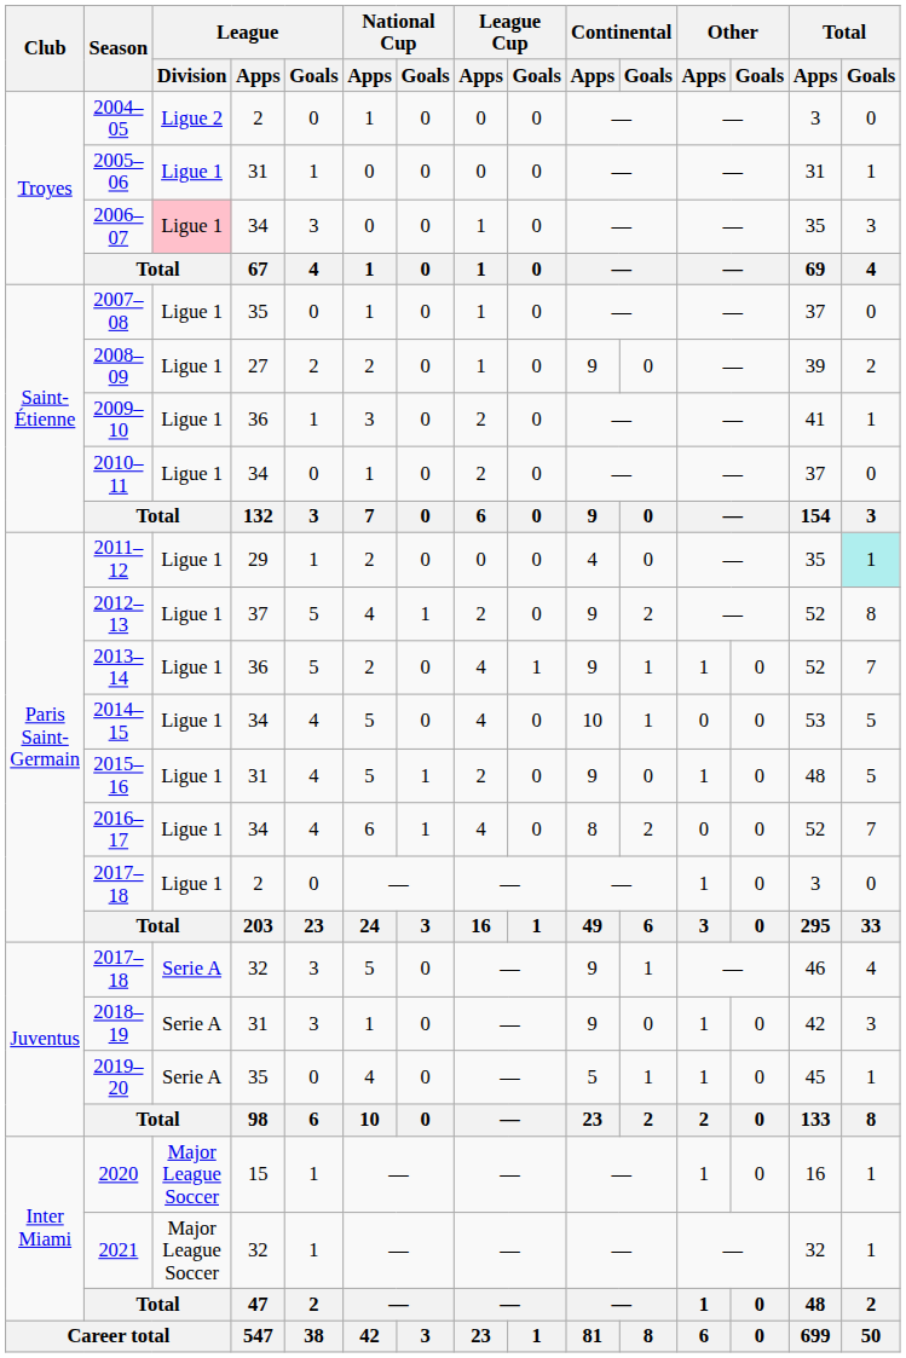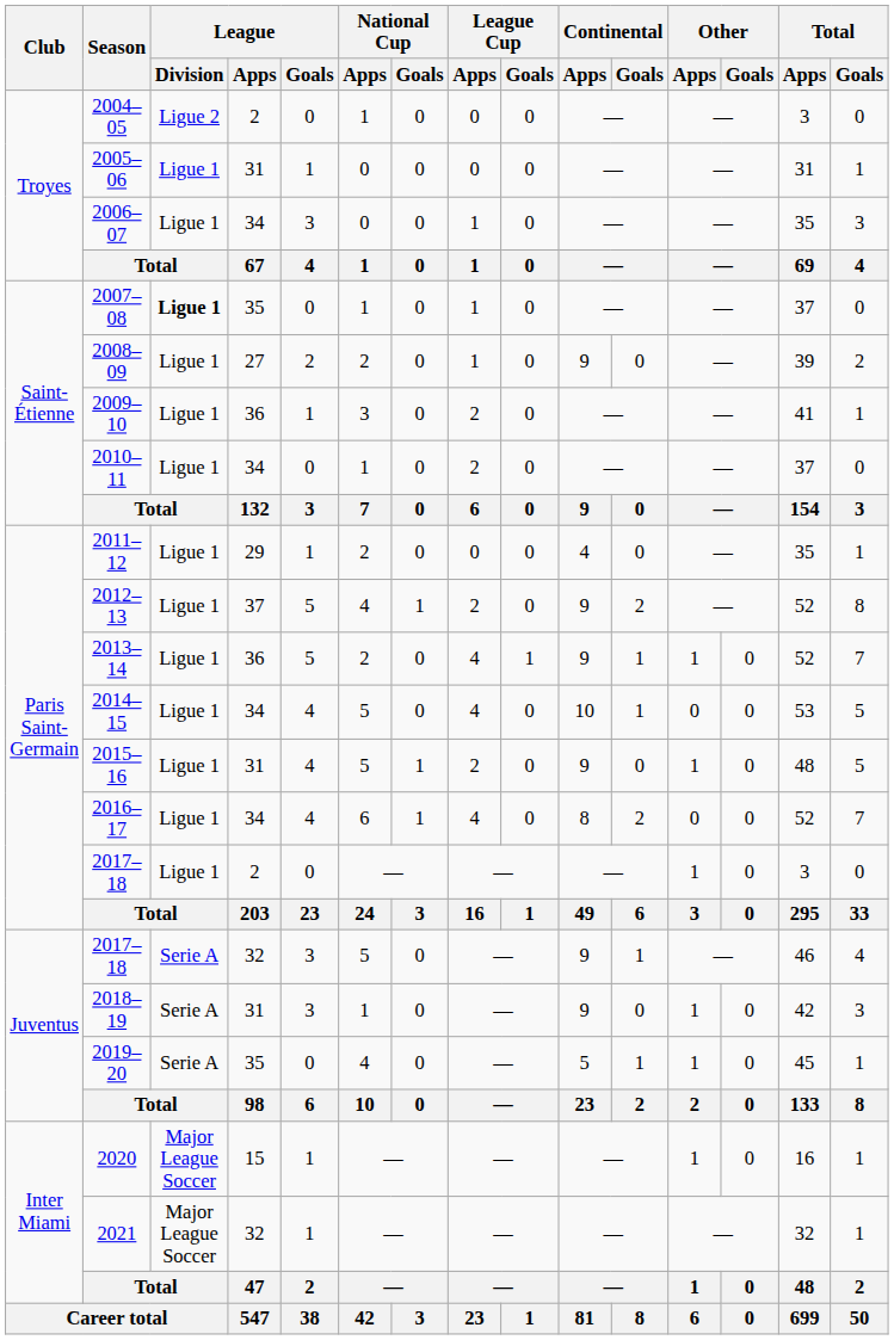 <table class="wikitable" style="text-align: center">
 <tr>
 <th rowspan="2">Club</th>
 <th rowspan="2">Season</th>
 <th colspan="3">League</th>
 <th colspan="2">National Cup</th>
 <th colspan="2">League Cup</th>
 <th colspan="2">Continental</th>
 <th colspan="2">Other</th>
 <th colspan="2">Total</th>
 </tr>
 <tr>
 <th>Division</th>
 <th>Apps</th>
 <th>Goals</th>
 <th>Apps</th>
 <th>Goals</th>
 <th>Apps</th>
 <th>Goals</th>
 <th>Apps</th>
 <th>Goals</th>
 <th>Apps</th>
 <th>Goals</th>
 <th>Apps</th>
 <th>Goals</th>
 </tr>
 <tr>
 <td rowspan="4"><a href='#'>Troyes</a></td>
 <td><a href='#'>2004–05</a></td>
 <td><a href='#'>Ligue 2</a></td>
 <td>2</td>
 <td>0</td>
 <td>1</td>
 <td>0</td>
 <td>0</td>
 <td>0</td>
 <td colspan="2">—</td>
 <td colspan="2">—</td>
 <td>3</td>
 <td>0</td>
 </tr>
 <tr>
 <td><a href='#'>2005–06</a></td>
 <td><a href='#'>Ligue 1</a></td>
 <td>31</td>
 <td>1</td>
 <td>0</td>
 <td>0</td>
 <td>0</td>
 <td>0</td>
 <td colspan="2">—</td>
 <td colspan="2">—</td>
 <td>31</td>
 <td>1</td>
 </tr>
 <tr>
 <td><a href='#'>2006–07</a></td>
-<td style="background: pink;">Ligue 1</td>
+<td>Ligue 1</td>
 <td>34</td>
 <td>3</td>
 <td>0</td>
 <td>0</td>
 <td>1</td>
 <td>0</td>
 <td colspan="2">—</td>
 <td colspan="2">—</td>
 <td>35</td>
 <td>3</td>
 </tr>
 <tr>
 <th colspan="2">Total</th>
 <th>67</th>
 <th>4</th>
 <th>1</th>
 <th>0</th>
 <th>1</th>
 <th>0</th>
 <th colspan="2">—</th>
 <th colspan="2">—</th>
 <th>69</th>
 <th>4</th>
 </tr>
 <tr>
 <td rowspan="5"><a href='#'>Saint-Étienne</a></td>
 <td><a href='#'>2007–08</a></td>
-<td>Ligue 1</td>
+<td><strong>Ligue 1</strong></td>
 <td>35</td>
 <td>0</td>
 <td>1</td>
 <td>0</td>
 <td>1</td>
 <td>0</td>
 <td colspan="2">—</td>
 <td colspan="2">—</td>
 <td>37</td>
 <td>0</td>
 </tr>
 <tr>
 <td><a href='#'>2008–09</a></td>
 <td>Ligue 1</td>
 <td>27</td>
 <td>2</td>
 <td>2</td>
 <td>0</td>
 <td>1</td>
 <td>0</td>
 <td>9</td>
 <td>0</td>
 <td colspan="2">—</td>
 <td>39</td>
 <td>2</td>
 </tr>
 <tr>
 <td><a href='#'>2009–10</a></td>
 <td>Ligue 1</td>
 <td>36</td>
 <td>1</td>
 <td>3</td>
 <td>0</td>
 <td>2</td>
 <td>0</td>
 <td colspan="2">—</td>
 <td colspan="2">—</td>
 <td>41</td>
 <td>1</td>
 </tr>
 <tr>
 <td><a href='#'>2010–11</a></td>
 <td>Ligue 1</td>
 <td>34</td>
 <td>0</td>
 <td>1</td>
 <td>0</td>
 <td>2</td>
 <td>0</td>
 <td colspan="2">—</td>
 <td colspan="2">—</td>
 <td>37</td>
 <td>0</td>
 </tr>
 <tr>
 <th colspan="2">Total</th>
 <th>132</th>
 <th>3</th>
 <th>7</th>
 <th>0</th>
 <th>6</th>
 <th>0</th>
 <th>9</th>
 <th>0</th>
 <th colspan="2">—</th>
 <th>154</th>
 <th>3</th>
 </tr>
 <tr>
 <td rowspan="8"><a href='#'>Paris Saint-Germain</a></td>
 <td><a href='#'>2011–12</a></td>
 <td>Ligue 1</td>
 <td>29</td>
 <td>1</td>
 <td>2</td>
 <td>0</td>
 <td>0</td>
 <td>0</td>
 <td>4</td>
 <td>0</td>
 <td colspan="2">—</td>
 <td>35</td>
-<td style="background: paleturquoise;">1</td>
+<td>1</td>
 </tr>
 <tr>
 <td><a href='#'>2012–13</a></td>
 <td>Ligue 1</td>
 <td>37</td>
 <td>5</td>
 <td>4</td>
 <td>1</td>
 <td>2</td>
 <td>0</td>
 <td>9</td>
 <td>2</td>
 <td colspan="2">—</td>
 <td>52</td>
 <td>8</td>
 </tr>
 <tr>
 <td><a href='#'>2013–14</a></td>
 <td>Ligue 1</td>
 <td>36</td>
 <td>5</td>
 <td>2</td>
 <td>0</td>
 <td>4</td>
 <td>1</td>
 <td>9</td>
 <td>1</td>
 <td>1</td>
 <td>0</td>
 <td>52</td>
 <td>7</td>
 </tr>
 <tr>
 <td><a href='#'>2014–15</a></td>
 <td>Ligue 1</td>
 <td>34</td>
 <td>4</td>
 <td>5</td>
 <td>0</td>
 <td>4</td>
 <td>0</td>
 <td>10</td>
 <td>1</td>
 <td>0</td>
 <td>0</td>
 <td>53</td>
 <td>5</td>
 </tr>
 <tr>
 <td><a href='#'>2015–16</a></td>
 <td>Ligue 1</td>
 <td>31</td>
 <td>4</td>
 <td>5</td>
 <td>1</td>
 <td>2</td>
 <td>0</td>
 <td>9</td>
 <td>0</td>
 <td>1</td>
 <td>0</td>
 <td>48</td>
 <td>5</td>
 </tr>
 <tr>
 <td><a href='#'>2016–17</a></td>
 <td>Ligue 1</td>
 <td>34</td>
 <td>4</td>
 <td>6</td>
 <td>1</td>
 <td>4</td>
 <td>0</td>
 <td>8</td>
 <td>2</td>
 <td>0</td>
 <td>0</td>
 <td>52</td>
 <td>7</td>
 </tr>
 <tr>
 <td><a href='#'>2017–18</a></td>
 <td>Ligue 1</td>
 <td>2</td>
 <td>0</td>
 <td colspan="2">—</td>
 <td colspan="2">—</td>
 <td colspan="2">—</td>
 <td>1</td>
 <td>0</td>
 <td>3</td>
 <td>0</td>
 </tr>
 <tr>
 <th colspan="2">Total</th>
 <th>203</th>
 <th>23</th>
 <th>24</th>
 <th>3</th>
 <th>16</th>
 <th>1</th>
 <th>49</th>
 <th>6</th>
 <th>3</th>
 <th>0</th>
 <th>295</th>
 <th>33</th>
 </tr>
 <tr>
 <td rowspan="4"><a href='#'>Juventus</a></td>
 <td><a href='#'>2017–18</a></td>
 <td><a href='#'>Serie A</a></td>
 <td>32</td>
 <td>3</td>
 <td>5</td>
 <td>0</td>
 <td colspan="2">—</td>
 <td>9</td>
 <td>1</td>
 <td colspan="2">—</td>
 <td>46</td>
 <td>4</td>
 </tr>
 <tr>
 <td><a href='#'>2018–19</a></td>
 <td>Serie A</td>
 <td>31</td>
 <td>3</td>
 <td>1</td>
 <td>0</td>
 <td colspan="2">—</td>
 <td>9</td>
 <td>0</td>
 <td>1</td>
 <td>0</td>
 <td>42</td>
 <td>3</td>
 </tr>
 <tr>
 <td><a href='#'>2019–20</a></td>
 <td>Serie A</td>
 <td>35</td>
 <td>0</td>
 <td>4</td>
 <td>0</td>
 <td colspan="2">—</td>
 <td>5</td>
 <td>1</td>
 <td>1</td>
 <td>0</td>
 <td>45</td>
 <td>1</td>
 </tr>
 <tr>
 <th colspan="2">Total</th>
 <th>98</th>
 <th>6</th>
 <th>10</th>
 <th>0</th>
 <th colspan="2">—</th>
 <th>23</th>
 <th>2</th>
 <th>2</th>
 <th>0</th>
 <th>133</th>
 <th>8</th>
 </tr>
 <tr>
 <td rowspan="3"><a href='#'>Inter Miami</a></td>
 <td><a href='#'>2020</a></td>
 <td><a href='#'>Major League Soccer</a></td>
 <td>15</td>
 <td>1</td>
 <td colspan="2">—</td>
 <td colspan="2">—</td>
 <td colspan="2">—</td>
 <td>1</td>
 <td>0</td>
 <td>16</td>
 <td>1</td>
 </tr>
 <tr>
 <td><a href='#'>2021</a></td>
 <td>Major League Soccer</td>
 <td>32</td>
 <td>1</td>
 <td colspan="2">—</td>
 <td colspan="2">—</td>
 <td colspan="2">—</td>
 <td colspan="2">—</td>
 <td>32</td>
 <td>1</td>
 </tr>
 <tr>
 <th colspan="2">Total</th>
 <th>47</th>
 <th>2</th>
 <th colspan="2">—</th>
 <th colspan="2">—</th>
 <th colspan="2">—</th>
 <th>1</th>
 <th>0</th>
 <th>48</th>
 <th>2</th>
 </tr>
 <tr>
 <th colspan="3">Career total</th>
 <th>547</th>
 <th>38</th>
 <th>42</th>
 <th>3</th>
 <th>23</th>
 <th>1</th>
 <th>81</th>
 <th>8</th>
 <th>6</th>
 <th>0</th>
 <th>699</th>
 <th>50</th>
 </tr>
 </table>
